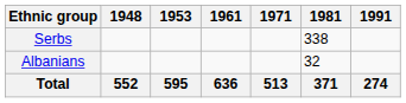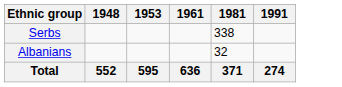 <table class="wikitable" border="1">
 <tr>
 <th>Ethnic group</th>
 <th style=width:3em>1948</th>
 <th style=width:3em>1953</th>
 <th style=width:3em>1961</th>
-<th style=width:3em>1971</th>
 <th style=width:3em>1981</th>
 <th style=width:3em>1991</th>
 </tr>
 <tr>
 <th style=font-weight:300><a href='#'>Serbs</a></th>
-<td></td>
 <td></td>
 <td></td>
 <td></td>
 <td>338</td>
 <td></td>
 </tr>
 <tr>
 <th style=font-weight:300><a href='#'>Albanians</a></th>
 <td></td>
 <td></td>
 <td></td>
-<td></td>
 <td>32</td>
 <td></td>
 </tr>
 <tr>
 <th>Total</th>
 <th>552</th>
 <th>595</th>
 <th>636</th>
-<th>513</th>
 <th>371 </th>
 <th>274</th>
 </tr>
 </table>
